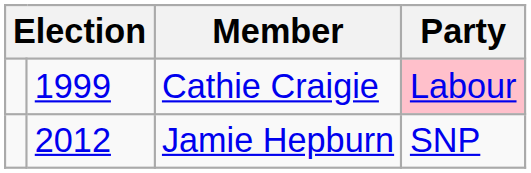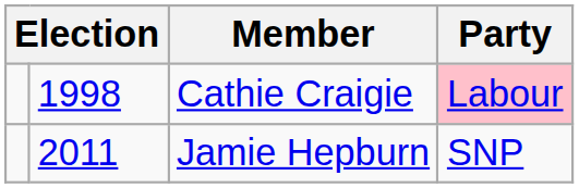 <table class="wikitable">
 <tr>
 <th colspan="2">Election</th>
 <th>Member</th>
 <th>Party</th>
 </tr>
 <tr>
 <td style="background-color: "></td>
-<td><a href='#'>1999</a></td>
+<td><a href='#'>1998</a></td>
 <td><a href='#'>Cathie Craigie</a></td>
 <td style="background: pink;"><a href='#'>Labour</a></td>
 </tr>
 <tr>
 <td style="background-color: "></td>
-<td><a href='#'>2012</a></td>
+<td><a href='#'>2011</a></td>
 <td><a href='#'>Jamie Hepburn</a></td>
 <td><a href='#'>SNP</a></td>
 </tr>
 </table>
